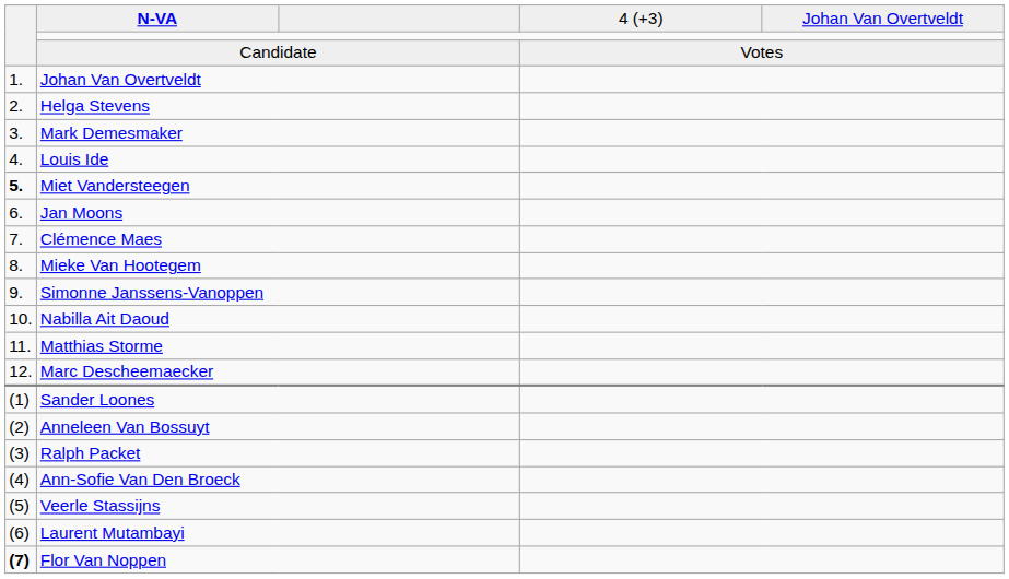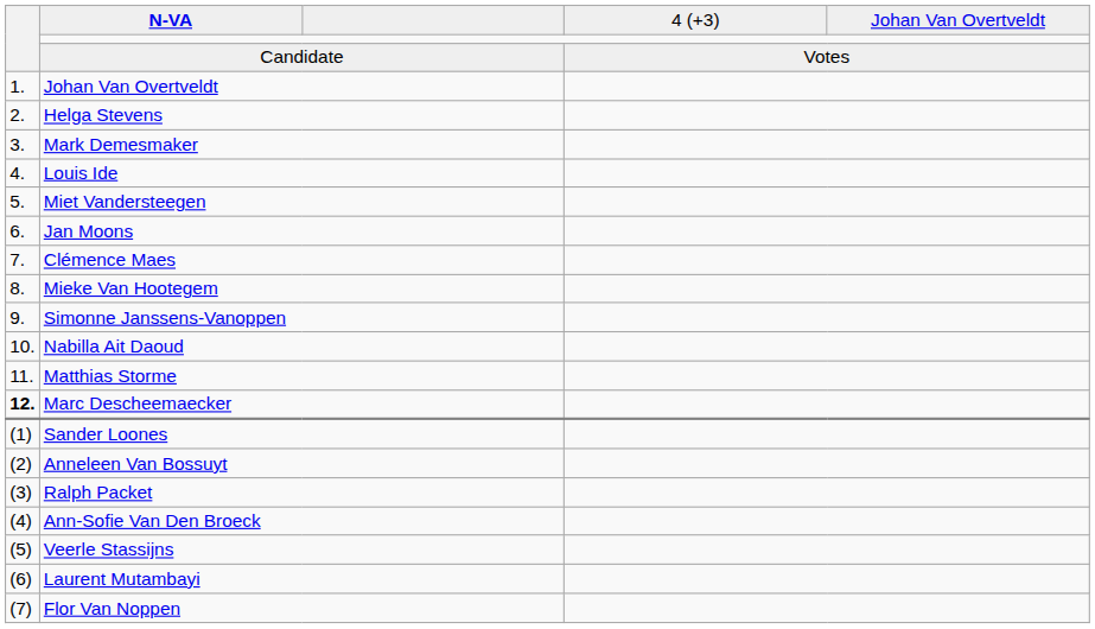 <table class="wikitable collapsible collapsed" style=text-align:left;font-size:90%>
 <tr>
 <th rowspan=3></th>
 <td bgcolor=efefef width=200 align=center><strong> <a href='#'>N-VA</a></strong></td>
 <td bgcolor=efefef width=200 align=center></td>
 <td bgcolor=efefef width=200 align=center>4 (+3)</td>
 <td bgcolor=efefef width=200 align=center><a href='#'>Johan Van Overtveldt</a></td>
 </tr>
 <tr>
 <td colspan=4 bgcolor=></td>
 </tr>
 <tr>
 <td bgcolor=efefef align=center colspan=2>Candidate</td>
 <td bgcolor=efefef align=center colspan=2>Votes</td>
 </tr>
 <tr>
 <td>1.</td>
 <td colspan=2><a href='#'>Johan Van Overtveldt</a></td>
 <td colspan=2></td>
 </tr>
 <tr>
 <td>2.</td>
 <td colspan=2><a href='#'>Helga Stevens</a></td>
 <td colspan=2></td>
 </tr>
 <tr>
 <td>3.</td>
 <td colspan=2><a href='#'>Mark Demesmaker</a></td>
 <td colspan=2></td>
 </tr>
 <tr>
 <td>4.</td>
 <td colspan=2><a href='#'>Louis Ide</a></td>
 <td colspan=2></td>
 </tr>
 <tr>
-<td><strong>5.</strong></td>
+<td>5.</td>
 <td colspan=2><a href='#'>Miet Vandersteegen</a></td>
 <td colspan=2></td>
 </tr>
 <tr>
 <td>6.</td>
 <td colspan=2><a href='#'>Jan Moons</a></td>
 <td colspan=2></td>
 </tr>
 <tr>
 <td>7.</td>
 <td colspan=2><a href='#'>Clémence Maes</a></td>
 <td colspan=2></td>
 </tr>
 <tr>
 <td>8.</td>
 <td colspan=2><a href='#'>Mieke Van Hootegem</a></td>
 <td colspan=2></td>
 </tr>
 <tr>
 <td>9.</td>
 <td colspan=2><a href='#'>Simonne Janssens-Vanoppen</a></td>
 <td colspan=2></td>
 </tr>
 <tr>
 <td>10.</td>
 <td colspan=2><a href='#'>Nabilla Ait Daoud</a></td>
 <td colspan=2></td>
 </tr>
 <tr>
 <td>11.</td>
 <td colspan=2><a href='#'>Matthias Storme</a></td>
 <td colspan=2></td>
 </tr>
 <tr>
-<td>12.</td>
+<td><strong>12.</strong></td>
 <td colspan=2><a href='#'>Marc Descheemaecker</a></td>
 <td colspan=2></td>
 </tr>
 <tr style="border-top:2px solid gray;">
 <td>(1)</td>
 <td colspan=2><a href='#'>Sander Loones</a></td>
 <td colspan=2></td>
 </tr>
 <tr>
 <td>(2)</td>
 <td colspan=2><a href='#'>Anneleen Van Bossuyt</a></td>
 <td colspan=2></td>
 </tr>
 <tr>
 <td>(3)</td>
 <td colspan=2><a href='#'>Ralph Packet</a></td>
 <td colspan=2></td>
 </tr>
 <tr>
 <td>(4)</td>
 <td colspan=2><a href='#'>Ann‐Sofie Van Den Broeck</a></td>
 <td colspan=2></td>
 </tr>
 <tr>
 <td>(5)</td>
 <td colspan=2><a href='#'>Veerle Stassijns</a></td>
 <td colspan=2></td>
 </tr>
 <tr>
 <td>(6)</td>
 <td colspan=2><a href='#'>Laurent Mutambayi</a></td>
 <td colspan=2></td>
 </tr>
 <tr>
-<td><strong>(7)</strong></td>
+<td>(7)</td>
 <td colspan=2><a href='#'>Flor Van Noppen</a></td>
 <td colspan=2></td>
 </tr>
 </table>
